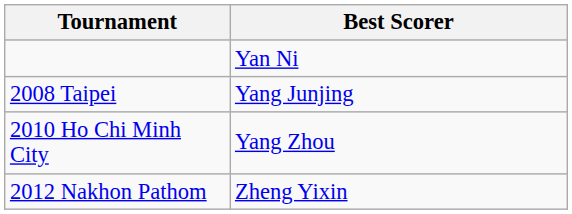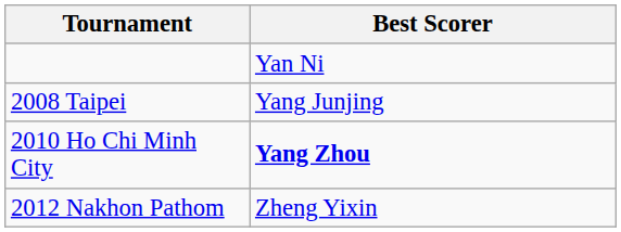 <table class=wikitable style="width: 400px;">
 <tr>
 <th style="width: 40%;">Tournament</th>
 <th style="width: 60%;">Best Scorer</th>
 </tr>
 <tr>
 <td></td>
 <td> <a href='#'>Yan Ni</a></td>
 </tr>
 <tr>
 <td><a href='#'>2008 Taipei</a></td>
 <td> <a href='#'>Yang Junjing</a></td>
 </tr>
 <tr>
 <td><a href='#'>2010 Ho Chi Minh City</a></td>
-<td> <a href='#'>Yang Zhou</a></td>
+<td><strong> <a href='#'>Yang Zhou</a></strong></td>
 </tr>
 <tr>
 <td><a href='#'>2012 Nakhon Pathom</a></td>
 <td> <a href='#'>Zheng Yixin</a></td>
 </tr>
 </table>
